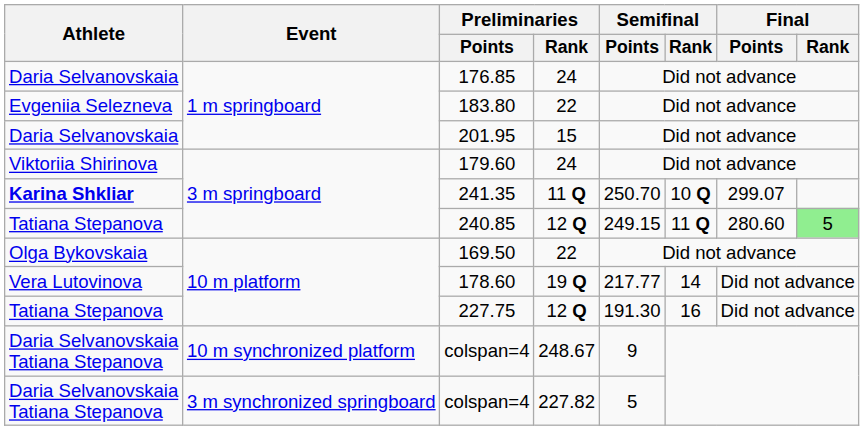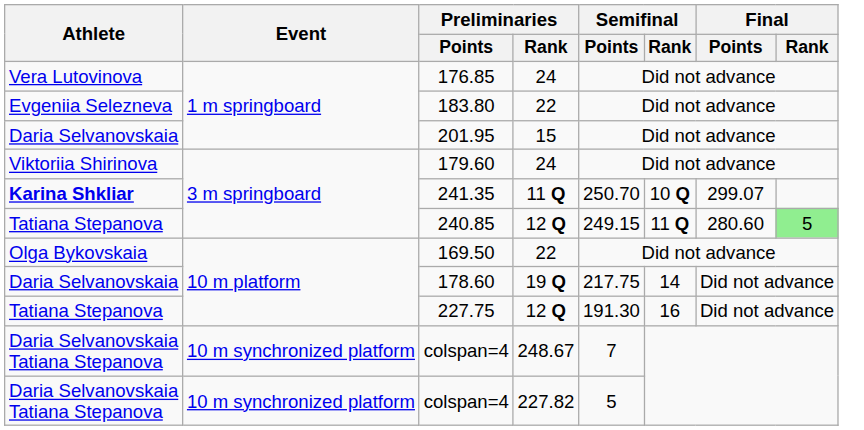 <table class="wikitable" style="text-align:center; font-size:90%">
 <tr>
 <th rowspan=2>Athlete</th>
 <th rowspan=2>Event</th>
 <th colspan=2>Preliminaries</th>
 <th colspan=2>Semifinal</th>
 <th colspan=2>Final</th>
 </tr>
 <tr style="font-size:95%">
 <th>Points</th>
 <th>Rank</th>
 <th>Points</th>
 <th>Rank</th>
 <th>Points</th>
 <th>Rank</th>
 </tr>
 <tr>
-<td align=left><a href='#'>Daria Selvanovskaia</a></td>
+<td align=left><a href='#'>Vera Lutovinova</a></td>
 <td align=left rowspan=3><a href='#'>1 m springboard</a></td>
 <td>176.85</td>
 <td>24</td>
 <td colspan=4>Did not advance</td>
 </tr>
 <tr>
 <td align=left><a href='#'>Evgeniia Selezneva</a></td>
 <td>183.80</td>
 <td>22</td>
 <td colspan=4>Did not advance</td>
 </tr>
 <tr>
 <td align=left><a href='#'>Daria Selvanovskaia</a></td>
 <td>201.95</td>
 <td>15</td>
 <td colspan=4>Did not advance</td>
 </tr>
 <tr>
 <td align=left><a href='#'>Viktoriia Shirinova</a></td>
 <td align=left rowspan=3><a href='#'>3 m springboard</a></td>
 <td>179.60</td>
 <td>24</td>
 <td colspan=4>Did not advance</td>
 </tr>
 <tr>
 <td align=left><strong><a href='#'>Karina Shkliar</a></strong></td>
 <td>241.35</td>
 <td>11 <strong>Q</strong></td>
 <td>250.70</td>
 <td>10 <strong>Q</strong></td>
 <td>299.07</td>
 <td></td>
 </tr>
 <tr>
 <td align=left><a href='#'>Tatiana Stepanova</a></td>
 <td>240.85</td>
 <td>12 <strong>Q</strong></td>
 <td>249.15</td>
 <td>11 <strong>Q</strong></td>
 <td>280.60</td>
 <td style="background: lightgreen;">5</td>
 </tr>
 <tr>
 <td align=left><a href='#'>Olga Bykovskaia</a></td>
 <td rowspan=3 align=left><a href='#'>10 m platform</a></td>
 <td>169.50</td>
 <td>22</td>
 <td colspan=4>Did not advance</td>
 </tr>
 <tr>
-<td align=left><a href='#'>Vera Lutovinova</a></td>
+<td align=left><a href='#'>Daria Selvanovskaia</a></td>
 <td>178.60</td>
 <td>19 <strong>Q</strong></td>
-<td>217.77</td>
+<td>217.75</td>
 <td>14</td>
 <td colspan=2>Did not advance</td>
 </tr>
 <tr>
 <td align=left><a href='#'>Tatiana Stepanova</a></td>
 <td>227.75</td>
 <td>12 <strong>Q</strong></td>
 <td>191.30</td>
 <td>16</td>
 <td colspan=2>Did not advance</td>
 </tr>
 <tr>
 <td align=left><a href='#'>Daria Selvanovskaia</a><br><a href='#'>Tatiana Stepanova</a></td>
 <td align=left><a href='#'>10 m synchronized platform</a></td>
 <td>colspan=4 </td>
 <td>248.67</td>
-<td>9</td>
+<td>7</td>
 </tr>
 <tr>
 <td align=left><a href='#'>Daria Selvanovskaia</a><br><a href='#'>Tatiana Stepanova</a></td>
-<td align=left><a href='#'>3 m synchronized springboard</a></td>
+<td align=left><a href='#'>10 m synchronized platform</a></td>
 <td>colspan=4 </td>
 <td>227.82</td>
 <td>5</td>
 </tr>
 </table>
